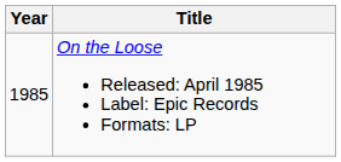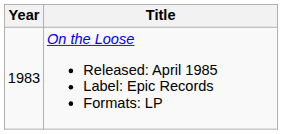 <table class="wikitable">
 <tr>
 <th>Year</th>
 <th width="250">Title</th>
 </tr>
 <tr>
-<td>1985</td>
+<td>1983</td>
 <td><em><a href='#'>On the Loose</a></em><br><ul><li>Released: April 1985</li><li>Label: Epic Records</li><li>Formats: LP</li></ul></td>
 </tr>
 </table>
